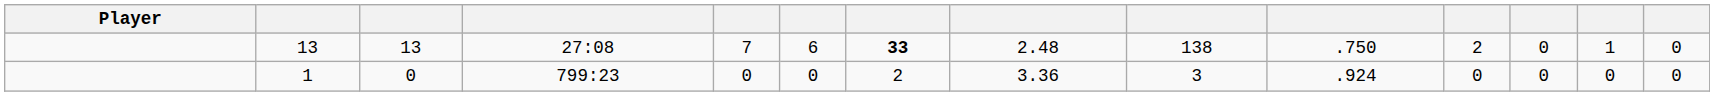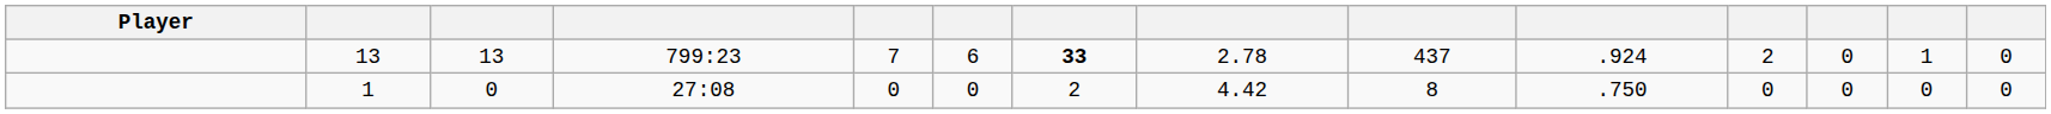 <table class="wikitable sortable" style="width:100%; text-align:center;">
 <tr style="text-align:center; background:#ddd;">
 <th>Player</th>
 <th></th>
 <th></th>
 <th></th>
 <th></th>
 <th></th>
 <th></th>
 <th></th>
 <th></th>
 <th></th>
 <th></th>
 <th></th>
 <th></th>
 <th></th>
 </tr>
 <tr>
 <td></td>
 <td>13</td>
 <td>13</td>
-<td>27:08</td>
+<td>799:23</td>
 <td>7</td>
 <td>6</td>
 <td><strong>33</strong></td>
-<td>2.48</td>
-<td>138</td>
-<td>.750</td>
+<td>2.78</td>
+<td>437</td>
+<td>.924</td>
 <td>2</td>
 <td>0</td>
 <td>1</td>
 <td>0</td>
 </tr>
 <tr>
 <td></td>
 <td>1</td>
 <td>0</td>
-<td>799:23</td>
+<td>27:08</td>
 <td>0</td>
 <td>0</td>
 <td>2</td>
-<td>3.36</td>
-<td>3</td>
-<td>.924</td>
+<td>4.42</td>
+<td>8</td>
+<td>.750</td>
 <td>0</td>
 <td>0</td>
 <td>0</td>
 <td>0</td>
 </tr>
 </table>
